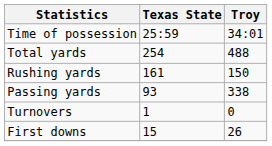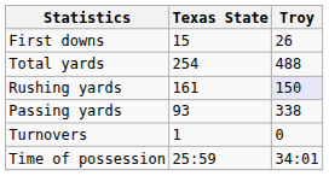 <table class="wikitable">
 <tr>
 <th>Statistics</th>
 <th>Texas State</th>
 <th>Troy</th>
 </tr>
 <tr>
-<td>Time of possession</td>
-<td>25:59</td>
-<td>34:01</td>
+<td>First downs</td>
+<td>15</td>
+<td>26</td>
 </tr>
 <tr>
 <td>Total yards</td>
 <td>254</td>
 <td>488</td>
 </tr>
 <tr>
 <td>Rushing yards</td>
 <td>161</td>
-<td>150</td>
+<td style="background: lavender;">150</td>
 </tr>
 <tr>
 <td>Passing yards</td>
 <td>93</td>
 <td>338</td>
 </tr>
 <tr>
 <td>Turnovers</td>
 <td>1</td>
 <td>0</td>
 </tr>
 <tr>
-<td>First downs</td>
-<td>15</td>
-<td>26</td>
+<td>Time of possession</td>
+<td>25:59</td>
+<td>34:01</td>
 </tr>
 <tr>
 </tr>
 </table>
